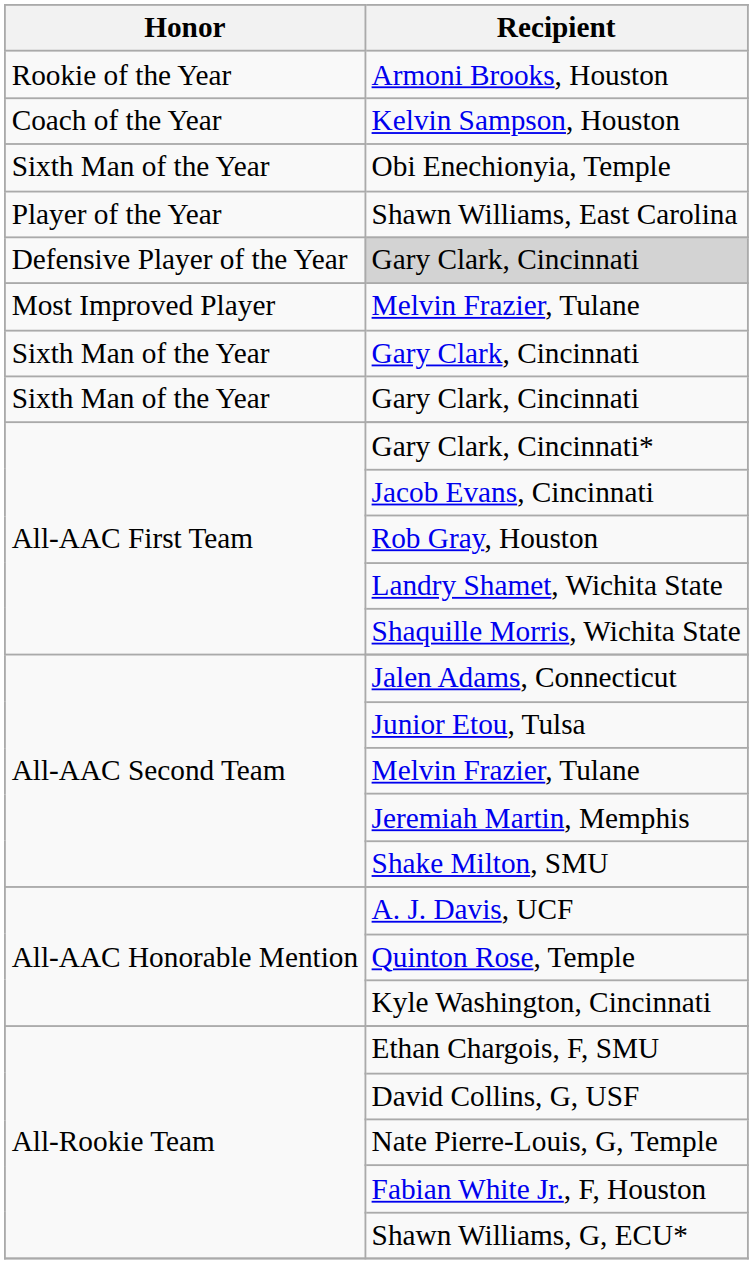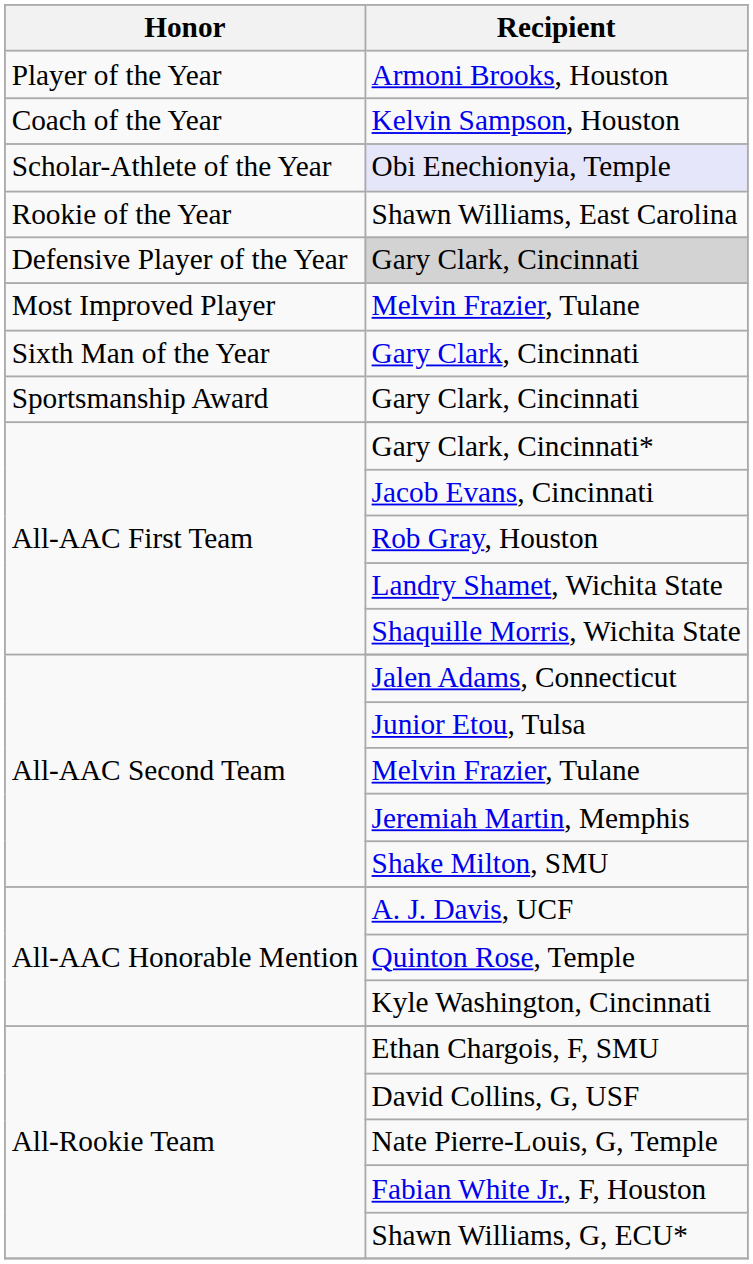 <table class="wikitable" border="1">
 <tr>
 <th>Honor</th>
 <th>Recipient</th>
 </tr>
 <tr>
-<td>Rookie of the Year</td>
+<td>Player of the Year</td>
 <td><a href='#'>Armoni Brooks</a>, Houston</td>
 </tr>
 <tr>
 <td>Coach of the Year</td>
 <td><a href='#'>Kelvin Sampson</a>, Houston</td>
 </tr>
 <tr>
-<td>Sixth Man of the Year</td>
-<td>Obi Enechionyia, Temple</td>
+<td>Scholar-Athlete of the Year</td>
+<td style="background: lavender;">Obi Enechionyia, Temple</td>
 </tr>
 <tr>
-<td>Player of the Year</td>
+<td>Rookie of the Year</td>
 <td>Shawn Williams, East Carolina</td>
 </tr>
 <tr>
 <td>Defensive Player of the Year</td>
 <td style="background: lightgrey;">Gary Clark, Cincinnati</td>
 </tr>
 <tr>
 <td>Most Improved Player</td>
 <td><a href='#'>Melvin Frazier</a>, Tulane</td>
 </tr>
 <tr>
 <td>Sixth Man of the Year</td>
 <td><a href='#'>Gary Clark</a>, Cincinnati</td>
 </tr>
 <tr>
-<td>Sixth Man of the Year</td>
+<td>Sportsmanship Award</td>
 <td>Gary Clark, Cincinnati</td>
 </tr>
 <tr>
 <td rowspan="6" valign="middle">All-AAC First Team</td>
 </tr>
 <tr>
 <td>Gary Clark, Cincinnati*</td>
 </tr>
 <tr>
 <td><a href='#'>Jacob Evans</a>, Cincinnati</td>
 </tr>
 <tr>
 <td><a href='#'>Rob Gray</a>, Houston</td>
 </tr>
 <tr>
 <td><a href='#'>Landry Shamet</a>, Wichita State</td>
 </tr>
 <tr>
 <td><a href='#'>Shaquille Morris</a>, Wichita State</td>
 </tr>
 <tr>
 <td rowspan="6" valign="middle">All-AAC Second Team</td>
 </tr>
 <tr>
 <td><a href='#'>Jalen Adams</a>, Connecticut</td>
 </tr>
 <tr>
 <td><a href='#'>Junior Etou</a>, Tulsa</td>
 </tr>
 <tr>
 <td><a href='#'>Melvin Frazier</a>, Tulane</td>
 </tr>
 <tr>
 <td><a href='#'>Jeremiah Martin</a>, Memphis</td>
 </tr>
 <tr>
 <td><a href='#'>Shake Milton</a>, SMU</td>
 </tr>
 <tr>
 <td rowspan="4" valign="middle">All-AAC Honorable Mention</td>
 </tr>
 <tr>
 <td><a href='#'>A. J. Davis</a>, UCF</td>
 </tr>
 <tr>
 <td><a href='#'>Quinton Rose</a>, Temple</td>
 </tr>
 <tr>
 <td>Kyle Washington, Cincinnati</td>
 </tr>
 <tr>
 <td rowspan="6" valign="middle">All-Rookie Team</td>
 </tr>
 <tr>
 <td>Ethan Chargois, F, SMU</td>
 </tr>
 <tr>
 <td>David Collins, G, USF</td>
 </tr>
 <tr>
 <td>Nate Pierre-Louis, G, Temple</td>
 </tr>
 <tr>
 <td><a href='#'>Fabian White Jr.</a>, F, Houston</td>
 </tr>
 <tr>
 <td>Shawn Williams, G, ECU*</td>
 </tr>
 <tr>
 </tr>
 </table>
